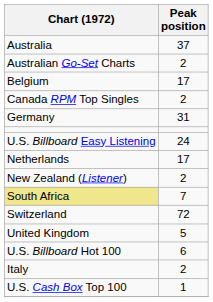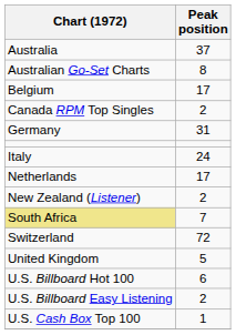 <table class="wikitable sortable">
 <tr>
 <th>Chart (1972)</th>
 <th>Peak<br>position</th>
 </tr>
 <tr>
 <td>Australia</td>
 <td style="text-align:center;">37</td>
 </tr>
 <tr>
 <td>Australian <em><a href='#'>Go-Set</a></em> Charts</td>
-<td style="text-align:center;">2</td>
+<td style="text-align:center;">8</td>
 </tr>
 <tr>
 <td>Belgium</td>
 <td style="text-align:center;">17</td>
 </tr>
 <tr>
 <td>Canada <em><a href='#'>RPM</a></em> Top Singles</td>
 <td style="text-align:center;">2</td>
 </tr>
 <tr>
 <td>Germany</td>
 <td style="text-align:center;">31</td>
 </tr>
 <tr>
 <td></td>
 </tr>
 <tr>
-<td>U.S. <em>Billboard</em> <a href='#'>Easy Listening</a></td>
+<td>Italy</td>
 <td style="text-align:center;">24</td>
 </tr>
 <tr>
 <td>Netherlands</td>
 <td style="text-align:center;">17</td>
 </tr>
 <tr>
 <td>New Zealand (<em><a href='#'>Listener</a></em>)</td>
 <td style="text-align:center;">2</td>
 </tr>
 <tr>
 <td style="background: khaki;">South Africa</td>
 <td style="text-align:center;">7</td>
 </tr>
 <tr>
 <td>Switzerland</td>
 <td style="text-align:center;">72</td>
 </tr>
 <tr>
 <td>United Kingdom</td>
 <td style="text-align:center;">5</td>
 </tr>
 <tr>
 <td>U.S. <em>Billboard</em> Hot 100</td>
 <td style="text-align:center;">6</td>
 </tr>
 <tr>
-<td>Italy</td>
+<td>U.S. <em>Billboard</em> <a href='#'>Easy Listening</a></td>
 <td align="center">2</td>
 </tr>
 <tr>
 <td>U.S. <a href='#'><em>Cash Box</em></a> Top 100</td>
 <td align="center">1</td>
 </tr>
 <tr>
 </tr>
 </table>
